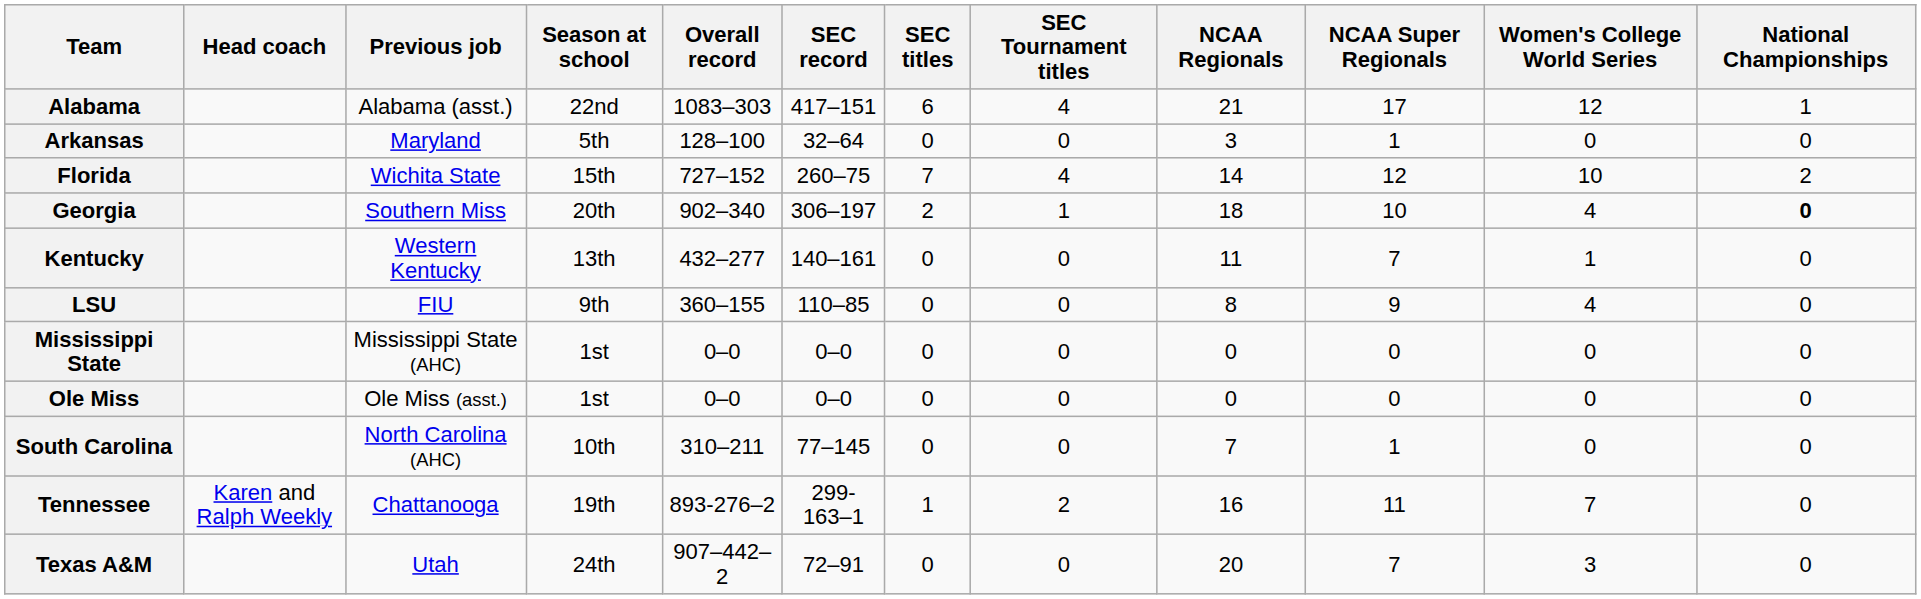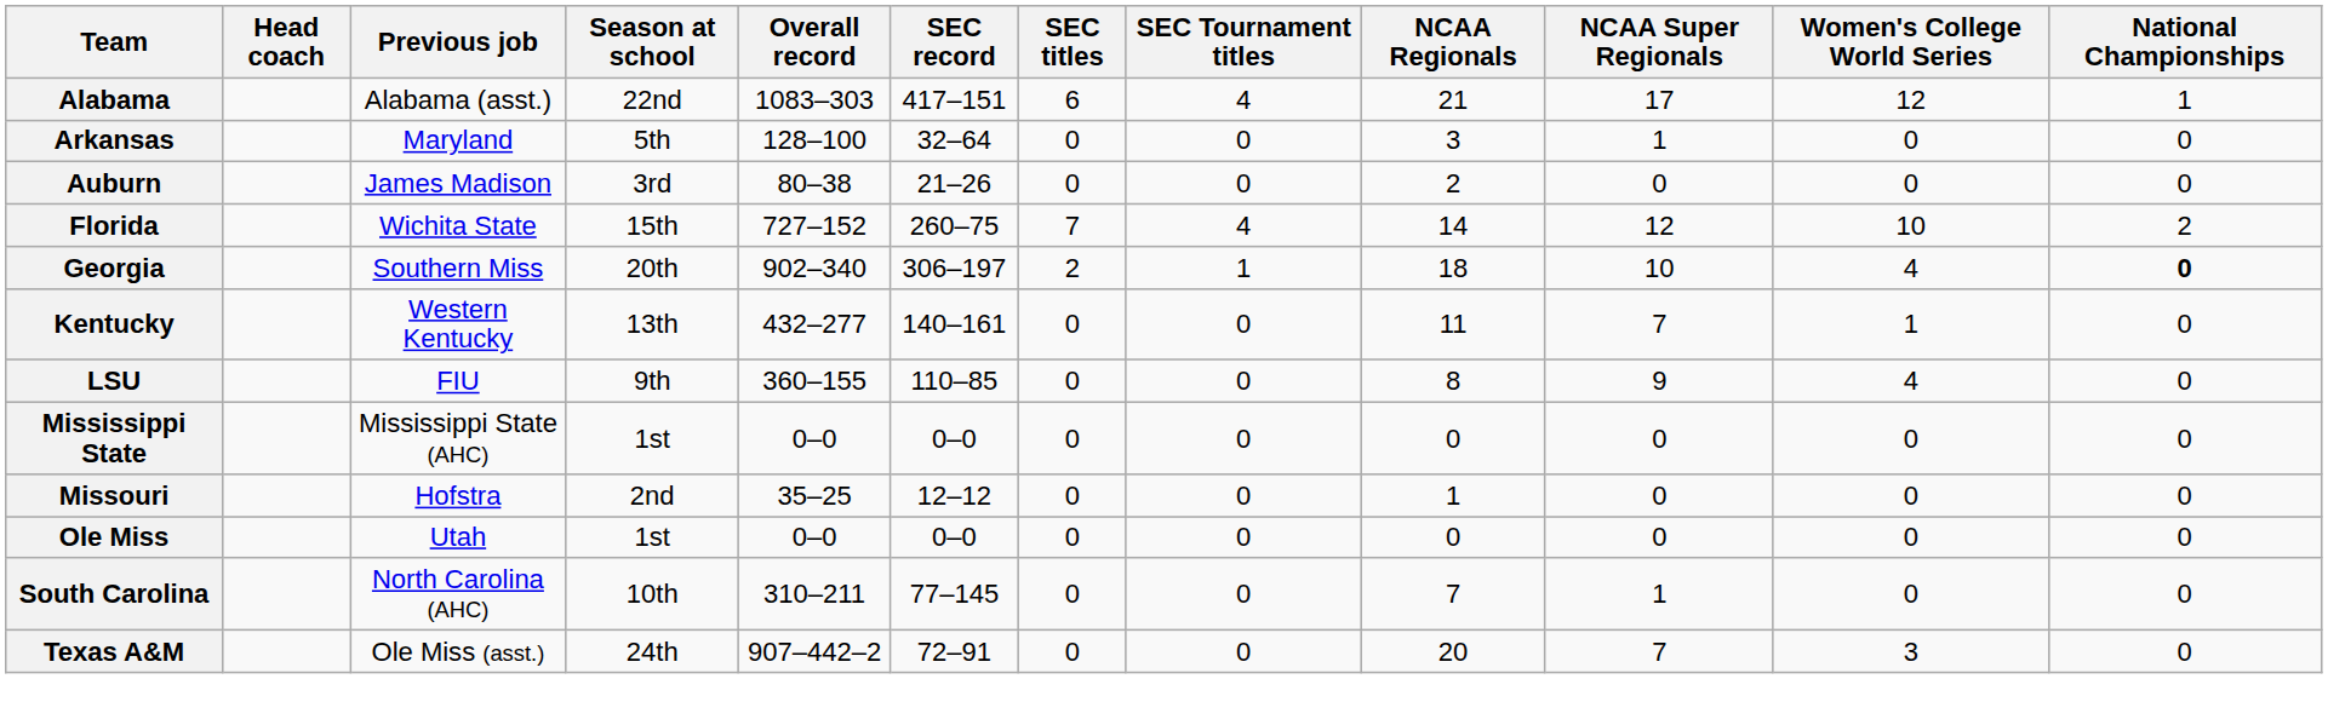 <table class="wikitable sortable" style="text-align: center;font-size:90%;">
 <tr>
 <th width="110">Team</th>
 <th>Head coach</th>
 <th>Previous job</th>
 <th>Season at school</th>
 <th>Overall record</th>
 <th>SEC record</th>
 <th>SEC titles</th>
 <th>SEC Tournament titles</th>
 <th>NCAA Regionals</th>
 <th>NCAA Super Regionals</th>
 <th>Women's College World Series</th>
 <th>National Championships</th>
 </tr>
 <tr>
 <th>Alabama</th>
 <td></td>
 <td>Alabama (asst.)</td>
 <td>22nd</td>
 <td>1083–303</td>
 <td>417–151</td>
 <td>6</td>
 <td>4</td>
 <td>21</td>
 <td>17</td>
 <td>12</td>
 <td>1</td>
 </tr>
 <tr>
 <th>Arkansas</th>
 <td></td>
 <td><a href='#'>Maryland</a></td>
 <td>5th</td>
 <td>128–100</td>
 <td>32–64</td>
 <td>0</td>
 <td>0</td>
 <td>3</td>
 <td>1</td>
+<td>0</td>
+<td>0</td>
+</tr>
+<tr>
+<th>Auburn</th>
+<td></td>
+<td><a href='#'>James Madison</a></td>
+<td>3rd</td>
+<td>80–38</td>
+<td>21–26</td>
+<td>0</td>
+<td>0</td>
+<td>2</td>
+<td>0</td>
 <td>0</td>
 <td>0</td>
 </tr>
 <tr>
 <th>Florida</th>
 <td></td>
 <td><a href='#'>Wichita State</a></td>
 <td>15th</td>
 <td>727–152</td>
 <td>260–75</td>
 <td>7</td>
 <td>4</td>
 <td>14</td>
 <td>12</td>
 <td>10</td>
 <td>2</td>
 </tr>
 <tr>
 <th>Georgia</th>
 <td></td>
 <td><a href='#'>Southern Miss</a></td>
 <td>20th</td>
 <td>902–340</td>
 <td>306–197</td>
 <td>2</td>
 <td>1</td>
 <td>18</td>
 <td>10</td>
 <td>4</td>
 <td><strong>0</strong></td>
 </tr>
 <tr>
 <th>Kentucky</th>
 <td></td>
 <td><a href='#'>Western Kentucky</a></td>
 <td>13th</td>
 <td>432–277</td>
 <td>140–161</td>
 <td>0</td>
 <td>0</td>
 <td>11</td>
 <td>7</td>
 <td>1</td>
 <td>0</td>
 </tr>
 <tr>
 <th>LSU</th>
 <td></td>
 <td><a href='#'>FIU</a></td>
 <td>9th</td>
 <td>360–155</td>
 <td>110–85</td>
 <td>0</td>
 <td>0</td>
 <td>8</td>
 <td>9</td>
 <td>4</td>
 <td>0</td>
 </tr>
 <tr>
 <th>Mississippi State</th>
 <td></td>
 <td>Mississippi State <small>(AHC)</small></td>
 <td>1st</td>
 <td>0–0</td>
 <td>0–0</td>
 <td>0</td>
 <td>0</td>
 <td>0</td>
 <td>0</td>
 <td>0</td>
 <td>0</td>
 </tr>
 <tr>
+<th>Missouri</th>
+<td></td>
+<td><a href='#'>Hofstra</a></td>
+<td>2nd</td>
+<td>35–25</td>
+<td>12–12</td>
+<td>0</td>
+<td>0</td>
+<td>1</td>
+<td>0</td>
+<td>0</td>
+<td>0</td>
+</tr>
+<tr>
 <th>Ole Miss</th>
 <td></td>
-<td>Ole Miss <small>(asst.)</small></td>
+<td><a href='#'>Utah</a></td>
 <td>1st</td>
 <td>0–0</td>
 <td>0–0</td>
 <td>0</td>
 <td>0</td>
 <td>0</td>
 <td>0</td>
 <td>0</td>
 <td>0</td>
 </tr>
 <tr>
 <th>South Carolina</th>
 <td></td>
 <td><a href='#'>North Carolina</a> <small>(AHC)</small></td>
 <td>10th</td>
 <td>310–211</td>
 <td>77–145</td>
 <td>0</td>
 <td>0</td>
 <td>7</td>
 <td>1</td>
 <td>0</td>
 <td>0</td>
 </tr>
 <tr>
-<th>Tennessee</th>
-<td><a href='#'>Karen</a> and <a href='#'>Ralph Weekly</a></td>
-<td><a href='#'>Chattanooga</a></td>
-<td>19th</td>
-<td>893-276–2</td>
-<td>299-163–1</td>
-<td>1</td>
-<td>2</td>
-<td>16</td>
-<td>11</td>
-<td>7</td>
-<td>0</td>
-</tr>
-<tr>
 <th>Texas A&M</th>
 <td></td>
-<td><a href='#'>Utah</a></td>
+<td>Ole Miss <small>(asst.)</small></td>
 <td>24th</td>
 <td>907–442–2</td>
 <td>72–91</td>
 <td>0</td>
 <td>0</td>
 <td>20</td>
 <td>7</td>
 <td>3</td>
 <td>0</td>
 </tr>
 </table>
